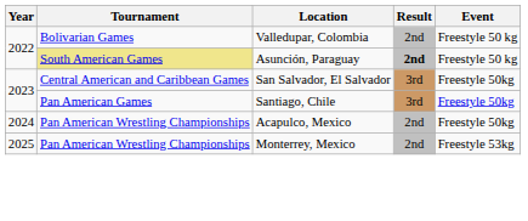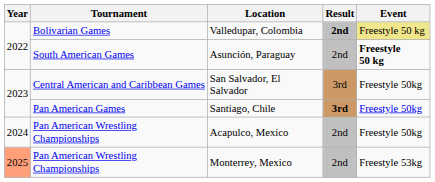 <table class="wikitable" style="font-size:95%;">
 <tr>
 <th>Year</th>
 <th>Tournament</th>
 <th>Location</th>
 <th>Result</th>
 <th>Event</th>
 </tr>
 <tr>
 <td rowspan=2>2022</td>
 <td><a href='#'>Bolivarian Games</a></td>
 <td>Valledupar, Colombia</td>
-<td align="center" bgcolor="silver">2nd</td>
-<td>Freestyle 50 kg</td>
+<td align="center" bgcolor="silver"><strong>2nd</strong></td>
+<td style="background: khaki;">Freestyle 50 kg</td>
 </tr>
 <tr>
-<td style="background: khaki;"><a href='#'>South American Games</a></td>
+<td><a href='#'>South American Games</a></td>
 <td>Asunción, Paraguay</td>
-<td align="center" bgcolor="silver"><strong>2nd</strong></td>
-<td>Freestyle 50 kg</td>
+<td align="center" bgcolor="silver">2nd</td>
+<td><strong>Freestyle 50 kg</strong></td>
 </tr>
 <tr>
 <td rowspan=2>2023</td>
 <td><a href='#'>Central American and Caribbean Games</a></td>
 <td>San Salvador, El Salvador</td>
 <td align="center" bgcolor="cc9966">3rd</td>
 <td>Freestyle 50kg</td>
 </tr>
 <tr>
 <td><a href='#'>Pan American Games</a></td>
 <td>Santiago, Chile</td>
-<td align="center" bgcolor="cc9966">3rd</td>
+<td align="center" bgcolor="cc9966"><strong>3rd</strong></td>
 <td><a href='#'>Freestyle 50kg</a></td>
 </tr>
 <tr>
 <td>2024</td>
 <td><a href='#'>Pan American Wrestling Championships</a></td>
 <td>Acapulco, Mexico</td>
 <td align="center" bgcolor="silver">2nd</td>
 <td>Freestyle 50kg</td>
 </tr>
 <tr>
-<td>2025</td>
+<td style="background: lightsalmon;">2025</td>
 <td><a href='#'>Pan American Wrestling Championships</a></td>
 <td>Monterrey, Mexico</td>
 <td align="center" bgcolor="silver">2nd</td>
 <td>Freestyle 53kg</td>
 </tr>
 </table>
